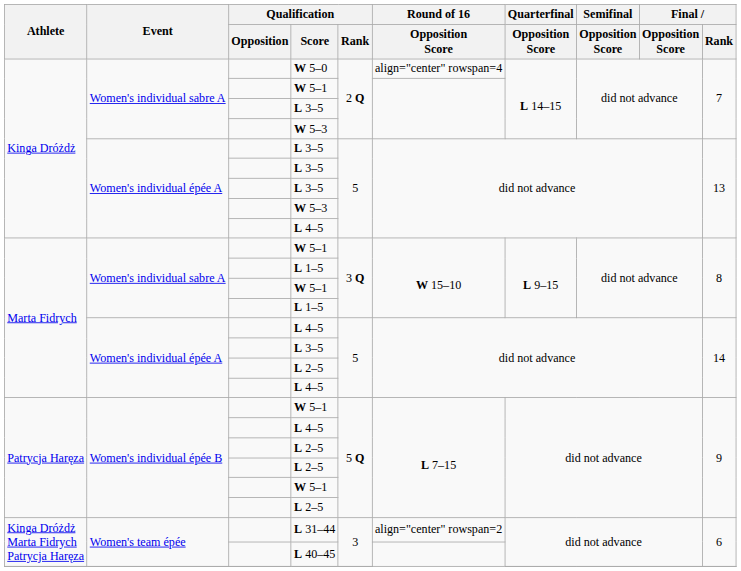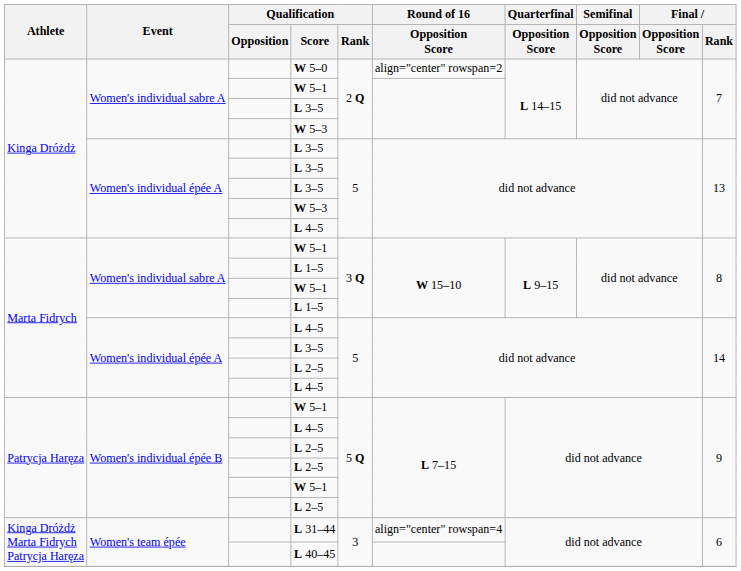 <table class=wikitable style="font-size:90%">
 <tr>
 <th rowspan="2">Athlete</th>
 <th rowspan="2">Event</th>
 <th colspan="3">Qualification</th>
 <th>Round of 16</th>
 <th>Quarterfinal</th>
 <th>Semifinal</th>
 <th colspan="2">Final / </th>
 </tr>
 <tr>
 <th>Opposition</th>
 <th>Score</th>
 <th>Rank</th>
 <th>Opposition<br>Score</th>
 <th>Opposition<br>Score</th>
 <th>Opposition<br>Score</th>
 <th>Opposition<br>Score</th>
 <th>Rank</th>
 </tr>
 <tr>
 <td rowspan=9><a href='#'>Kinga Dróżdż</a></td>
 <td rowspan=4><a href='#'>Women's individual sabre A</a></td>
 <td></td>
 <td><strong>W</strong> 5–0</td>
 <td align="center" rowspan=4>2 <strong>Q</strong></td>
-<td>align="center" rowspan=4</td>
+<td>align="center" rowspan=2</td>
 <td align="center" rowspan=4><br><strong>L</strong> 14–15</td>
 <td align="center" rowspan=4 colspan=2>did not advance</td>
 <td align="center" rowspan=4>7</td>
 </tr>
 <tr>
 <td></td>
 <td><strong>W</strong> 5–1</td>
 </tr>
 <tr>
 <td></td>
 <td><strong>L</strong> 3–5</td>
 </tr>
 <tr>
 <td></td>
 <td><strong>W</strong> 5–3</td>
 </tr>
 <tr>
 <td rowspan=5><a href='#'>Women's individual épée A</a></td>
 <td></td>
 <td><strong>L</strong> 3–5</td>
 <td align="center" rowspan=5>5</td>
 <td align="center" rowspan=5 colspan=4>did not advance</td>
 <td align="center" rowspan=5>13</td>
 </tr>
 <tr>
 <td></td>
 <td><strong>L</strong> 3–5</td>
 </tr>
 <tr>
 <td></td>
 <td><strong>L</strong> 3–5</td>
 </tr>
 <tr>
 <td></td>
 <td><strong>W</strong> 5–3</td>
 </tr>
 <tr>
 <td></td>
 <td><strong>L</strong> 4–5</td>
 </tr>
 <tr>
 <td rowspan=8><a href='#'>Marta Fidrych</a></td>
 <td rowspan=4><a href='#'>Women's individual sabre A</a></td>
 <td></td>
 <td><strong>W</strong> 5–1</td>
 <td align="center" rowspan=4>3 <strong>Q</strong></td>
 <td align="center" rowspan=4><br><strong>W</strong> 15–10</td>
 <td align="center" rowspan=4><br><strong>L</strong> 9–15</td>
 <td align="center" rowspan=4 colspan=2>did not advance</td>
 <td align="center" rowspan=4>8</td>
 </tr>
 <tr>
 <td></td>
 <td><strong>L</strong> 1–5</td>
 </tr>
 <tr>
 <td></td>
 <td><strong>W</strong> 5–1</td>
 </tr>
 <tr>
 <td></td>
 <td><strong>L</strong> 1–5</td>
 </tr>
 <tr>
 <td rowspan=4><a href='#'>Women's individual épée A</a></td>
 <td></td>
 <td><strong>L</strong> 4–5</td>
 <td align="center" rowspan=4>5</td>
 <td align="center" rowspan=4 colspan=4>did not advance</td>
 <td align="center" rowspan=4>14</td>
 </tr>
 <tr>
 <td></td>
 <td><strong>L</strong> 3–5</td>
 </tr>
 <tr>
 <td></td>
 <td><strong>L</strong> 2–5</td>
 </tr>
 <tr>
 <td></td>
 <td><strong>L</strong> 4–5</td>
 </tr>
 <tr>
 <td rowspan=6><a href='#'>Patrycja Haręza</a></td>
 <td rowspan=6><a href='#'>Women's individual épée B</a></td>
 <td></td>
 <td><strong>W</strong> 5–1</td>
 <td align="center" rowspan=6>5 <strong>Q</strong></td>
 <td align="center" rowspan=6><br><strong>L</strong> 7–15</td>
 <td align="center" rowspan=6 colspan=3>did not advance</td>
 <td align="center" rowspan=6>9</td>
 </tr>
 <tr>
 <td></td>
 <td><strong>L</strong> 4–5</td>
 </tr>
 <tr>
 <td></td>
 <td><strong>L</strong> 2–5</td>
 </tr>
 <tr>
 <td></td>
 <td><strong>L</strong> 2–5</td>
 </tr>
 <tr>
 <td></td>
 <td><strong>W</strong> 5–1</td>
 </tr>
 <tr>
 <td></td>
 <td><strong>L</strong> 2–5</td>
 </tr>
 <tr>
 <td align=left rowspan=2><a href='#'>Kinga Dróżdż</a><br><a href='#'>Marta Fidrych</a><br><a href='#'>Patrycja Haręza</a></td>
 <td align=left rowspan=2><a href='#'>Women's team épée</a></td>
 <td></td>
 <td><strong>L</strong> 31–44</td>
 <td align="center" rowspan=2>3</td>
-<td>align="center" rowspan=2</td>
+<td>align="center" rowspan=4</td>
 <td align="center" rowspan=2 colspan=3>did not advance</td>
 <td align="center" rowspan=2>6</td>
 </tr>
 <tr>
 <td></td>
 <td><strong>L</strong> 40–45</td>
 </tr>
 <tr>
 </tr>
 </table>
